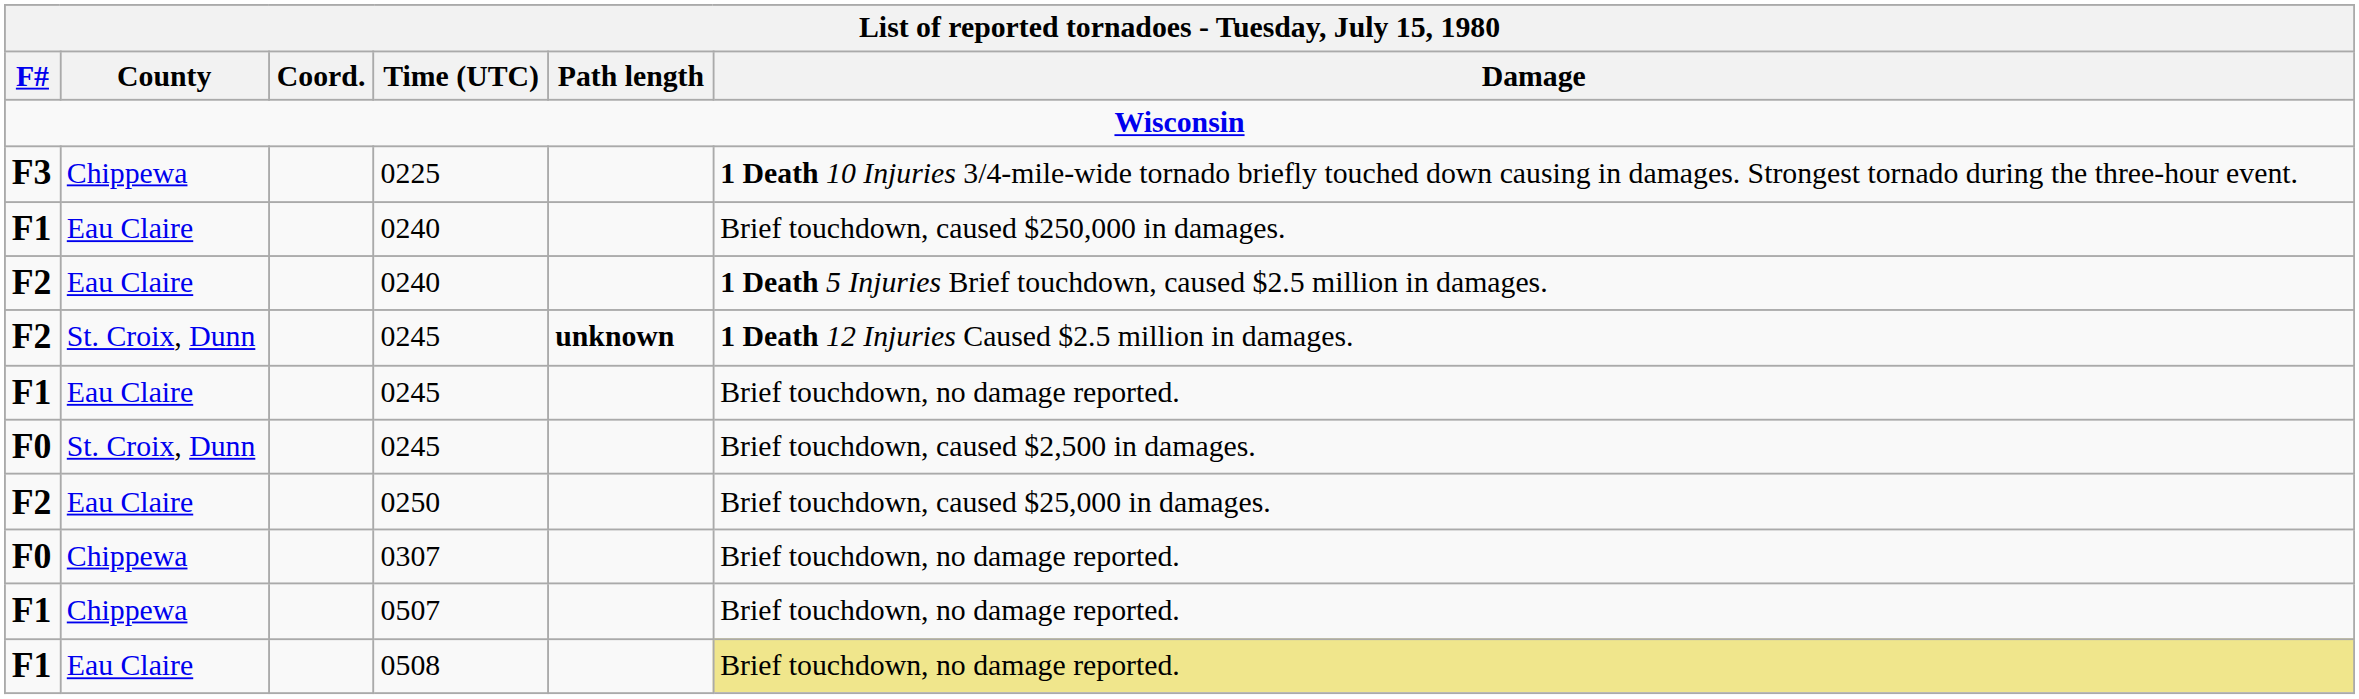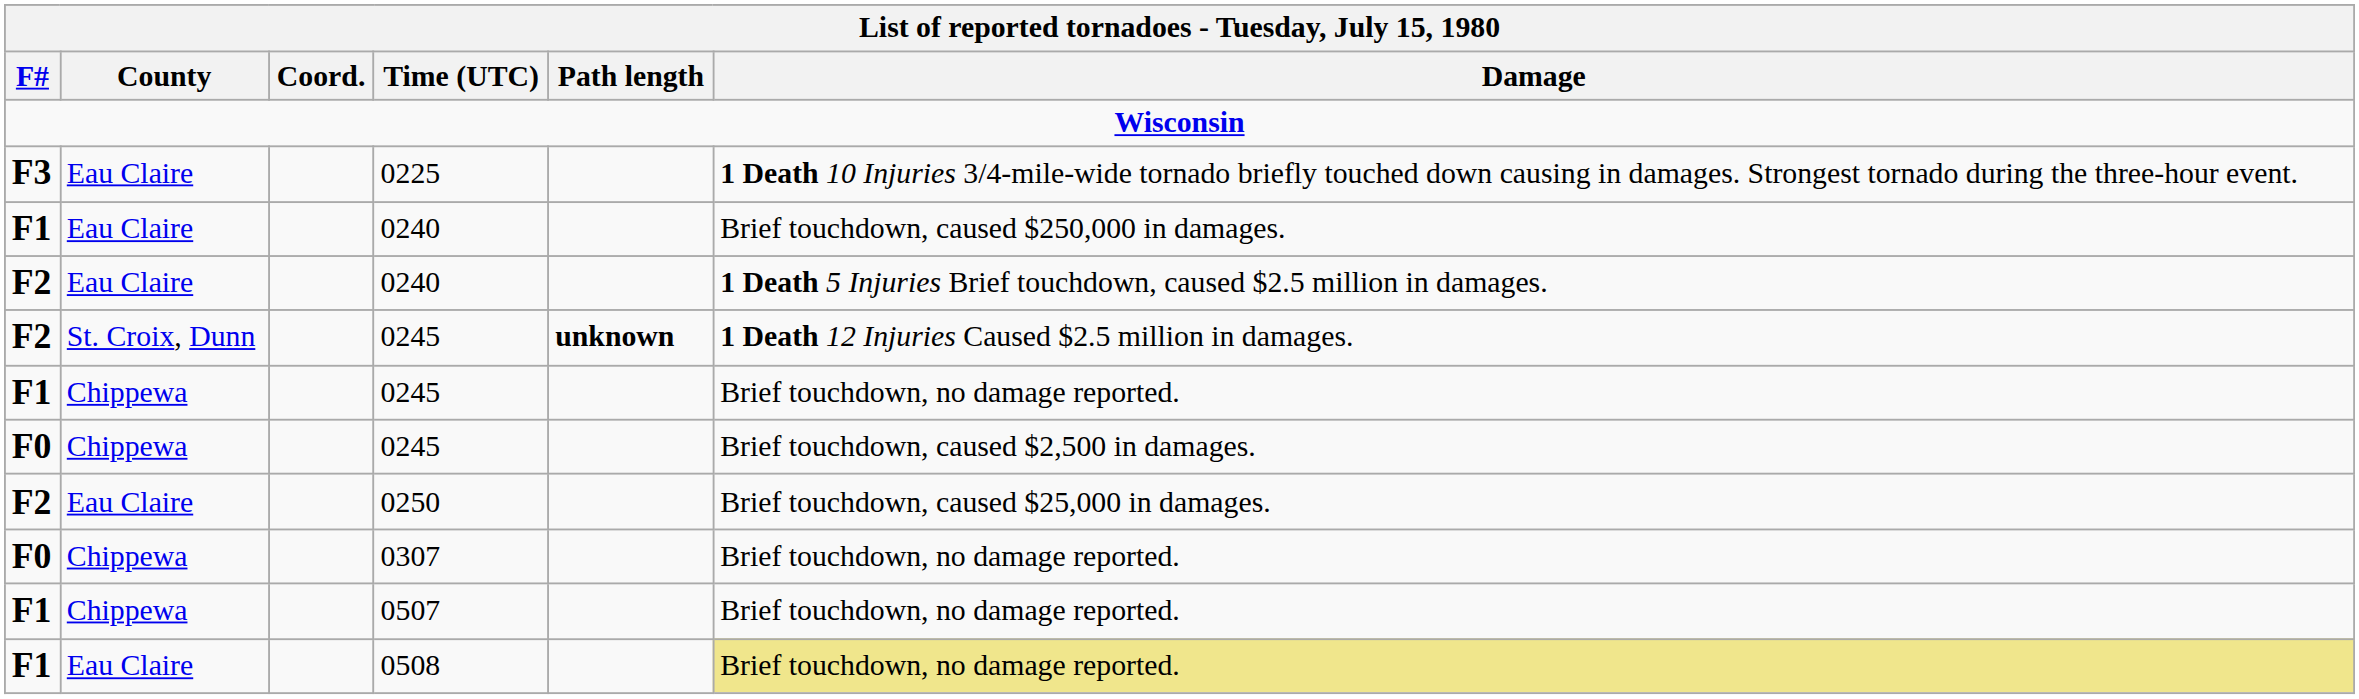 <table class="wikitable collapsible" width="100%">
 <tr>
 <th colspan="7">List of reported tornadoes - Tuesday, July 15, 1980</th>
 </tr>
 <tr>
 <th><a href='#'>F#</a></th>
 <th>County</th>
 <th>Coord.</th>
 <th>Time (UTC)</th>
 <th>Path length</th>
 <th>Damage</th>
 </tr>
 <tr>
 <td colspan="7" align=center><strong><a href='#'>Wisconsin</a></strong></td>
 </tr>
 <tr>
 <td><big><strong>F3</strong></big></td>
-<td><a href='#'>Chippewa</a></td>
+<td><a href='#'>Eau Claire</a></td>
 <td></td>
 <td>0225</td>
 <td></td>
 <td><strong>1 Death</strong> <em>10 Injuries</em> 3/4-mile-wide tornado briefly touched down causing  in damages. Strongest tornado during the three-hour event.</td>
 </tr>
 <tr>
 <td><big><strong>F1</strong></big></td>
 <td><a href='#'>Eau Claire</a></td>
 <td></td>
 <td>0240</td>
 <td></td>
 <td>Brief touchdown, caused $250,000 in damages.</td>
 </tr>
 <tr>
 <td><big><strong>F2</strong></big></td>
 <td><a href='#'>Eau Claire</a></td>
 <td></td>
 <td>0240</td>
 <td></td>
 <td><strong>1 Death</strong> <em>5 Injuries</em> Brief touchdown, caused $2.5 million in damages.</td>
 </tr>
 <tr>
 <td><big><strong>F2</strong></big></td>
 <td><a href='#'>St. Croix</a>, <a href='#'>Dunn</a></td>
 <td></td>
 <td>0245</td>
 <td><strong>unknown</strong></td>
 <td><strong>1 Death</strong> <em>12 Injuries</em> Caused $2.5 million in damages.</td>
 </tr>
 <tr>
 <td><big><strong>F1</strong></big></td>
-<td><a href='#'>Eau Claire</a></td>
+<td><a href='#'>Chippewa</a></td>
 <td></td>
 <td>0245</td>
 <td></td>
 <td>Brief touchdown, no damage reported.</td>
 </tr>
 <tr>
 <td><big><strong>F0</strong></big></td>
-<td><a href='#'>St. Croix</a>, <a href='#'>Dunn</a></td>
+<td><a href='#'>Chippewa</a></td>
 <td></td>
 <td>0245</td>
 <td></td>
 <td>Brief touchdown, caused $2,500 in damages.</td>
 </tr>
 <tr>
 <td><big><strong>F2</strong></big></td>
 <td><a href='#'>Eau Claire</a></td>
 <td></td>
 <td>0250</td>
 <td></td>
 <td>Brief touchdown, caused $25,000 in damages.</td>
 </tr>
 <tr>
 <td><big><strong>F0</strong></big></td>
 <td><a href='#'>Chippewa</a></td>
 <td></td>
 <td>0307</td>
 <td></td>
 <td>Brief touchdown, no damage reported.</td>
 </tr>
 <tr>
 <td><big><strong>F1</strong></big></td>
 <td><a href='#'>Chippewa</a></td>
 <td></td>
 <td>0507</td>
 <td></td>
 <td>Brief touchdown, no damage reported.</td>
 </tr>
 <tr>
 <td><big><strong>F1</strong></big></td>
 <td><a href='#'>Eau Claire</a></td>
 <td></td>
 <td>0508</td>
 <td></td>
 <td style="background: khaki;">Brief touchdown, no damage reported.</td>
 </tr>
 </table>
